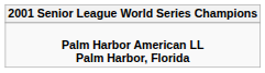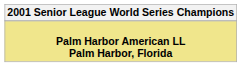 <table class="wikitable" style="text-align: center; margin: 0 auto;">
 <tr>
 <th>2001 Senior League World Series Champions</th>
 </tr>
 <tr>
 </tr>
 <tr>
-<td><br><strong>Palm Harbor American LL</strong><br> <strong>Palm Harbor, Florida</strong></td>
+<td style="background: khaki;"><br><strong>Palm Harbor American LL</strong><br> <strong>Palm Harbor, Florida</strong></td>
 </tr>
 </table>
